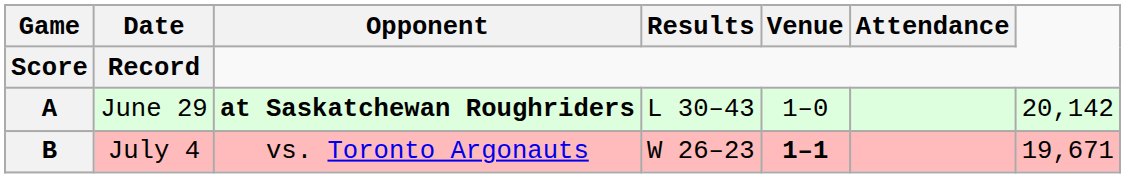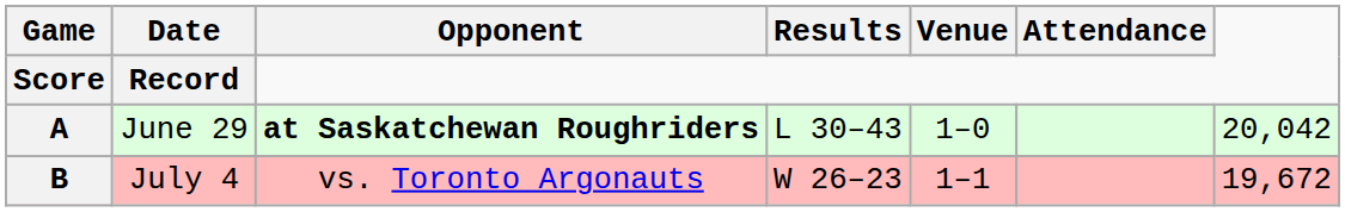 <table class="wikitable" style="text-align:center">
 <tr>
 <th>Game</th>
 <th>Date</th>
 <th>Opponent</th>
 <th>Results</th>
 <th>Venue</th>
 <th>Attendance</th>
 </tr>
 <tr>
 <th>Score</th>
 <th>Record</th>
 </tr>
 <tr style="background:#ddffdd">
 <th>A</th>
 <td>June 29</td>
 <td><strong>at Saskatchewan Roughriders</strong></td>
 <td>L 30–43</td>
 <td>1–0</td>
 <td></td>
-<td>20,142</td>
+<td>20,042</td>
 </tr>
 <tr style="background:#ffbbbb">
 <th>B</th>
 <td>July 4</td>
 <td>vs. <a href='#'>Toronto Argonauts</a></td>
 <td>W 26–23</td>
-<td><strong>1–1</strong></td>
+<td>1–1</td>
 <td></td>
-<td>19,671</td>
+<td>19,672</td>
 </tr>
 </table>
